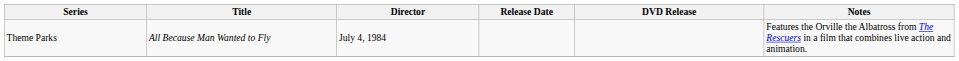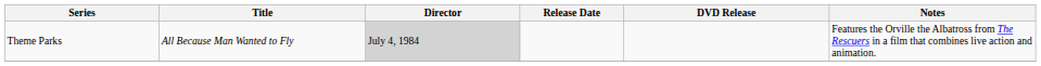 <table class="wikitable" style="width:100%;">
 <tr>
 <th style="width:15%;">Series</th>
 <th style="width:20%;">Title</th>
 <th style="width:15%;">Director</th>
 <th style="width:10%;">Release Date</th>
 <th style="width:20%;">DVD Release</th>
 <th style="width:20%;">Notes</th>
 </tr>
 <tr>
 <td>Theme Parks</td>
 <td><em>All Because Man Wanted to Fly</em></td>
-<td>July 4, 1984</td>
+<td style="background: lightgrey;">July 4, 1984</td>
 <td></td>
 <td></td>
 <td>Features the Orville the Albatross from <em><a href='#'>The Rescuers</a></em> in a film that combines live action and animation.</td>
 </tr>
 <tr>
 </tr>
 </table>
